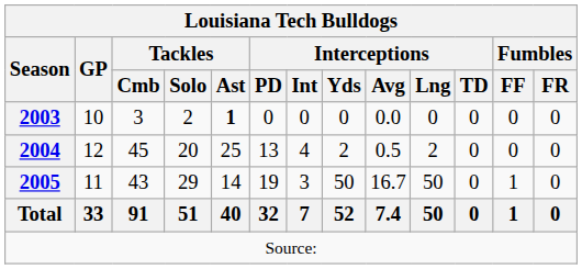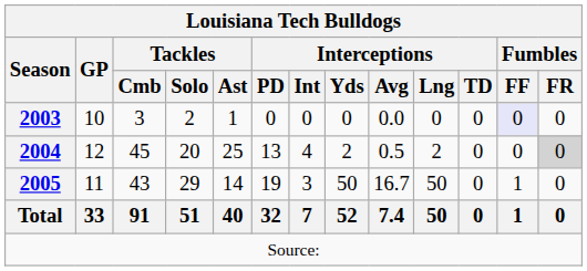 <table class="wikitable" style="text-align: center;">
 <tr>
 <th colspan="13">Louisiana Tech Bulldogs</th>
 </tr>
 <tr>
 <th rowspan="2">Season</th>
 <th rowspan="2">GP</th>
 <th colspan="3">Tackles</th>
 <th colspan="6">Interceptions</th>
 <th colspan="2">Fumbles</th>
 </tr>
 <tr>
 <th>Cmb</th>
 <th>Solo</th>
 <th>Ast</th>
 <th>PD</th>
 <th>Int</th>
 <th>Yds</th>
 <th>Avg</th>
 <th>Lng</th>
 <th>TD</th>
 <th>FF</th>
 <th>FR</th>
 </tr>
 <tr>
 <th><a href='#'>2003</a></th>
 <td>10</td>
 <td>3</td>
 <td>2</td>
-<td><strong>1</strong></td>
+<td>1</td>
 <td>0</td>
 <td>0</td>
 <td>0</td>
 <td>0.0</td>
 <td>0</td>
 <td>0</td>
-<td>0</td>
+<td style="background: lavender;">0</td>
 <td>0</td>
 </tr>
 <tr>
 <th><a href='#'>2004</a></th>
 <td>12</td>
 <td>45</td>
 <td>20</td>
 <td>25</td>
 <td>13</td>
 <td>4</td>
 <td>2</td>
 <td>0.5</td>
 <td>2</td>
 <td>0</td>
 <td>0</td>
-<td>0</td>
+<td style="background: lightgrey;">0</td>
 </tr>
 <tr>
 <th><a href='#'>2005</a></th>
 <td>11</td>
 <td>43</td>
 <td>29</td>
 <td>14</td>
 <td>19</td>
 <td>3</td>
 <td>50</td>
 <td>16.7</td>
 <td>50</td>
 <td>0</td>
 <td>1</td>
 <td>0</td>
 </tr>
 <tr>
 <th>Total</th>
 <th>33</th>
 <th>91</th>
 <th>51</th>
 <th>40</th>
 <th>32</th>
 <th>7</th>
 <th>52</th>
 <th>7.4</th>
 <th>50</th>
 <th>0</th>
 <th>1</th>
 <th>0</th>
 </tr>
 <tr>
 <td colspan="13"><small>Source: </small></td>
 </tr>
 </table>
